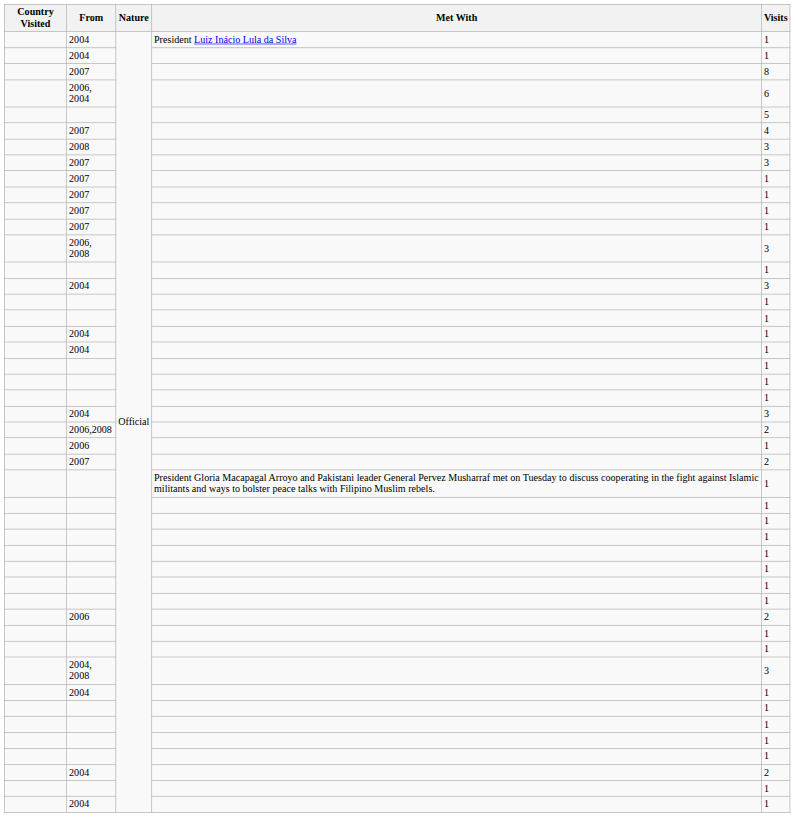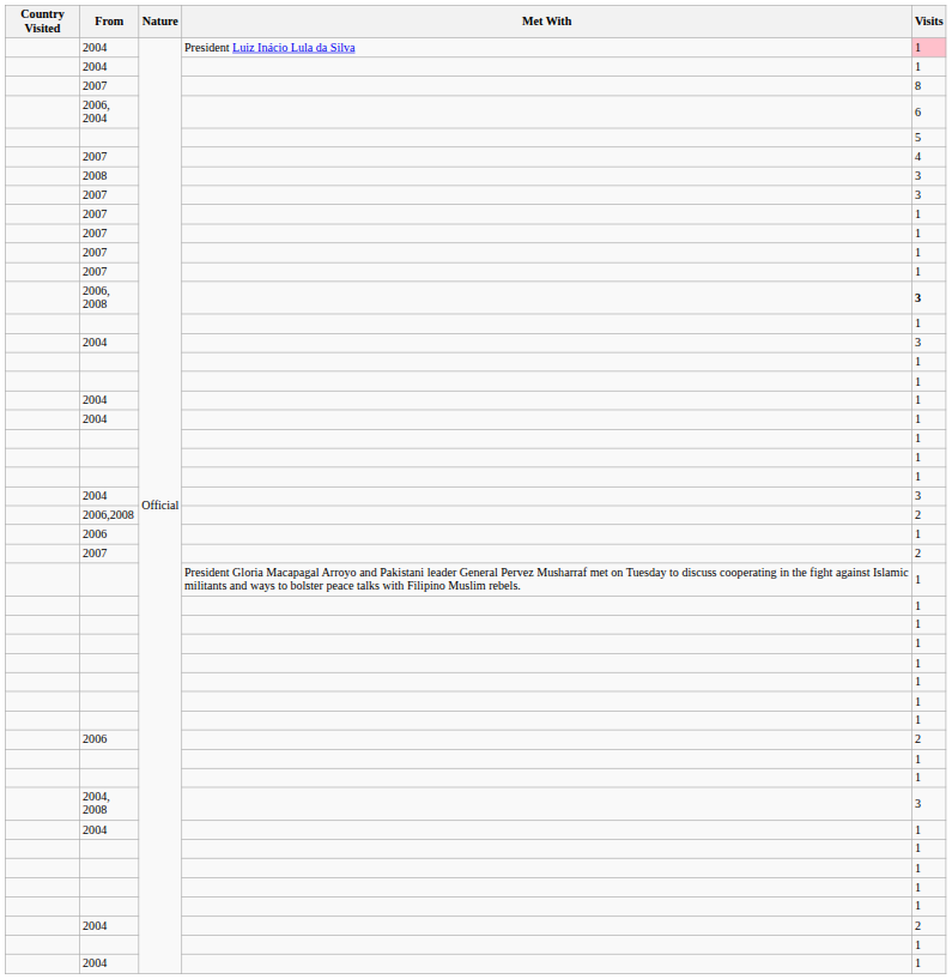 <table class="wikitable">
 <tr>
 <th>Country Visited</th>
 <th>From</th>
 <th>Nature</th>
 <th>Met With</th>
 <th>Visits</th>
 </tr>
 <tr>
 <td></td>
 <td>2004</td>
 <td rowspan="46">Official</td>
 <td>President <a href='#'>Luiz Inácio Lula da Silva</a></td>
-<td>1</td>
+<td style="background: pink;">1</td>
 </tr>
 <tr>
 <td></td>
 <td>2004</td>
 <td></td>
 <td>1</td>
 </tr>
 <tr>
 <td></td>
 <td>2007</td>
 <td></td>
 <td>8</td>
 </tr>
 <tr>
 <td></td>
 <td>2006, 2004</td>
 <td></td>
 <td>6</td>
 </tr>
 <tr>
 <td></td>
 <td></td>
 <td></td>
 <td>5</td>
 </tr>
 <tr>
 <td></td>
 <td>2007</td>
 <td></td>
 <td>4</td>
 </tr>
 <tr>
 <td></td>
 <td>2008</td>
 <td></td>
 <td>3</td>
 </tr>
 <tr>
 <td></td>
 <td>2007</td>
 <td></td>
 <td>3</td>
 </tr>
 <tr>
 <td></td>
 <td>2007</td>
 <td></td>
 <td>1</td>
 </tr>
 <tr>
 <td></td>
 <td>2007</td>
 <td></td>
 <td>1</td>
 </tr>
 <tr>
 <td></td>
 <td>2007</td>
 <td></td>
 <td>1</td>
 </tr>
 <tr>
 <td></td>
 <td>2007</td>
 <td></td>
 <td>1</td>
 </tr>
 <tr>
 <td></td>
 <td>2006, 2008</td>
 <td></td>
-<td>3</td>
+<td><strong>3</strong></td>
 </tr>
 <tr>
 <td></td>
 <td></td>
 <td></td>
 <td>1</td>
 </tr>
 <tr>
 <td></td>
 <td>2004</td>
 <td></td>
 <td>3</td>
 </tr>
 <tr>
 <td></td>
 <td></td>
 <td></td>
 <td>1</td>
 </tr>
 <tr>
 <td></td>
 <td></td>
 <td></td>
 <td>1</td>
 </tr>
 <tr>
 <td></td>
 <td>2004</td>
 <td></td>
 <td>1</td>
 </tr>
 <tr>
 <td></td>
 <td>2004</td>
 <td></td>
 <td>1</td>
 </tr>
 <tr>
 <td></td>
 <td></td>
 <td></td>
 <td>1</td>
 </tr>
 <tr>
 <td></td>
 <td></td>
 <td></td>
 <td>1</td>
 </tr>
 <tr>
 <td></td>
 <td></td>
 <td></td>
 <td>1</td>
 </tr>
 <tr>
 <td></td>
 <td>2004</td>
 <td></td>
 <td>3</td>
 </tr>
 <tr>
 <td></td>
 <td>2006,2008</td>
 <td></td>
 <td>2</td>
 </tr>
 <tr>
 <td></td>
 <td>2006</td>
 <td></td>
 <td>1</td>
 </tr>
 <tr>
 <td></td>
 <td>2007</td>
 <td></td>
 <td>2</td>
 </tr>
 <tr>
 <td></td>
 <td></td>
 <td>President Gloria Macapagal Arroyo and Pakistani leader General Pervez Musharraf met on Tuesday to discuss cooperating in the fight against Islamic militants and ways to bolster peace talks with Filipino Muslim rebels.</td>
 <td>1</td>
 </tr>
 <tr>
 <td></td>
 <td></td>
 <td></td>
 <td>1</td>
 </tr>
 <tr>
 <td></td>
 <td></td>
 <td></td>
 <td>1</td>
 </tr>
 <tr>
 <td></td>
 <td></td>
 <td></td>
 <td>1</td>
 </tr>
 <tr>
 <td></td>
 <td></td>
 <td></td>
 <td>1</td>
 </tr>
 <tr>
 <td></td>
 <td></td>
 <td></td>
 <td>1</td>
 </tr>
 <tr>
 <td></td>
 <td></td>
 <td></td>
 <td>1</td>
 </tr>
 <tr>
 <td></td>
 <td></td>
 <td></td>
 <td>1</td>
 </tr>
 <tr>
 <td></td>
 <td>2006</td>
 <td></td>
 <td>2</td>
 </tr>
 <tr>
 <td></td>
 <td></td>
 <td></td>
 <td>1</td>
 </tr>
 <tr>
 <td></td>
 <td></td>
 <td></td>
 <td>1</td>
 </tr>
 <tr>
 <td></td>
 <td>2004, 2008</td>
 <td></td>
 <td>3</td>
 </tr>
 <tr>
 <td></td>
 <td>2004</td>
 <td></td>
 <td>1</td>
 </tr>
 <tr>
 <td></td>
 <td></td>
 <td></td>
 <td>1</td>
 </tr>
 <tr>
 <td></td>
 <td></td>
 <td></td>
 <td>1</td>
 </tr>
 <tr>
 <td></td>
 <td></td>
 <td></td>
 <td>1</td>
 </tr>
 <tr>
 <td></td>
 <td></td>
 <td></td>
 <td>1</td>
 </tr>
 <tr>
 <td></td>
 <td>2004</td>
 <td></td>
 <td>2</td>
 </tr>
 <tr>
 <td></td>
 <td></td>
 <td></td>
 <td>1</td>
 </tr>
 <tr>
 <td></td>
 <td>2004</td>
 <td></td>
 <td>1</td>
 </tr>
 </table>
